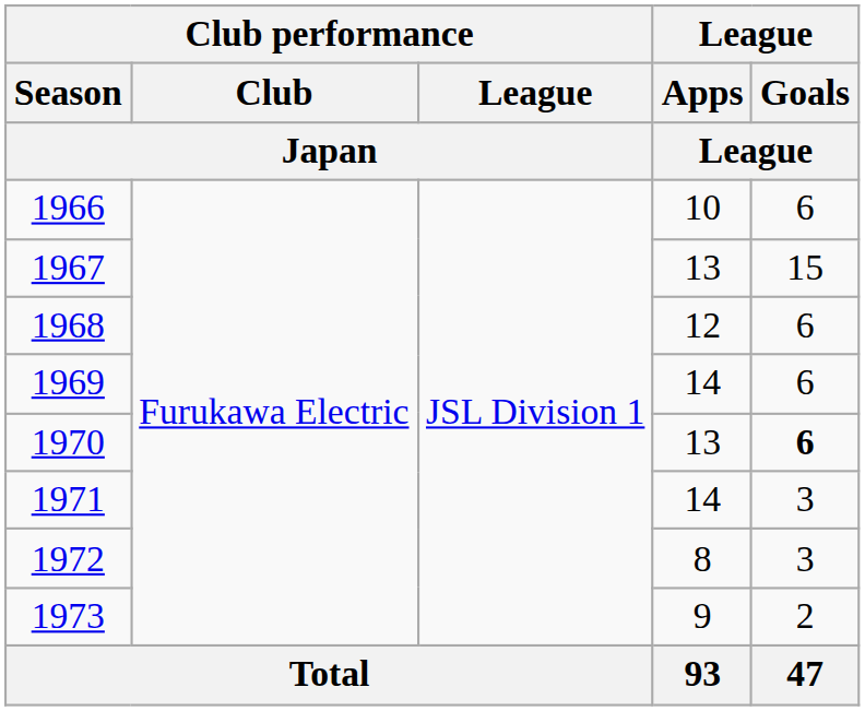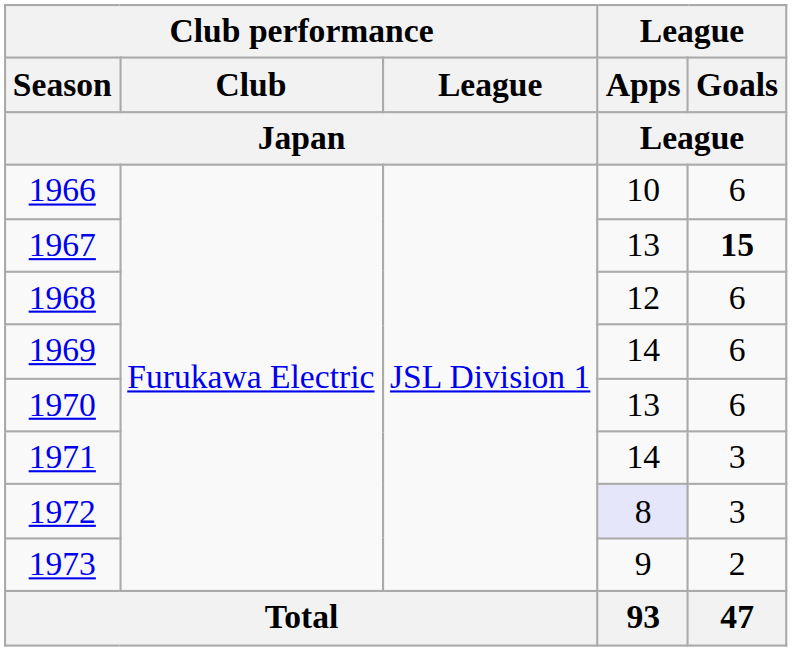 <table class="wikitable" style="text-align:center;">
 <tr>
 <th colspan=3>Club performance</th>
 <th colspan=2>League</th>
 </tr>
 <tr>
 <th>Season</th>
 <th>Club</th>
 <th>League</th>
 <th>Apps</th>
 <th>Goals</th>
 </tr>
 <tr>
 <th colspan=3>Japan</th>
 <th colspan=2>League</th>
 </tr>
 <tr>
 <td><a href='#'>1966</a></td>
 <td rowspan=8><a href='#'>Furukawa Electric</a></td>
 <td rowspan=8><a href='#'>JSL Division 1</a></td>
 <td>10</td>
 <td>6</td>
 </tr>
 <tr>
 <td><a href='#'>1967</a></td>
 <td>13</td>
-<td>15</td>
+<td><strong>15</strong></td>
 </tr>
 <tr>
 <td><a href='#'>1968</a></td>
 <td>12</td>
 <td>6</td>
 </tr>
 <tr>
 <td><a href='#'>1969</a></td>
 <td>14</td>
 <td>6</td>
 </tr>
 <tr>
 <td><a href='#'>1970</a></td>
 <td>13</td>
-<td><strong>6</strong></td>
+<td>6</td>
 </tr>
 <tr>
 <td><a href='#'>1971</a></td>
 <td>14</td>
 <td>3</td>
 </tr>
 <tr>
 <td><a href='#'>1972</a></td>
-<td>8</td>
+<td style="background: lavender;">8</td>
 <td>3</td>
 </tr>
 <tr>
 <td><a href='#'>1973</a></td>
 <td>9</td>
 <td>2</td>
 </tr>
 <tr>
 <th colspan=3>Total</th>
 <th>93</th>
 <th>47</th>
 </tr>
 </table>
